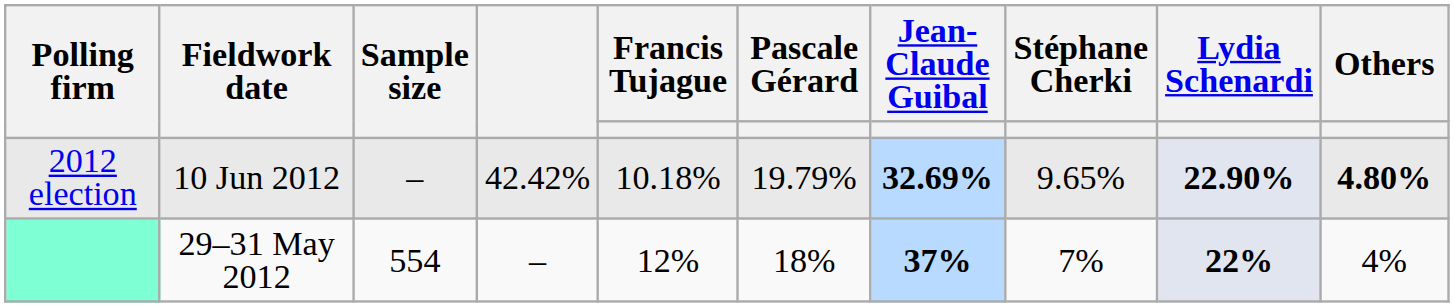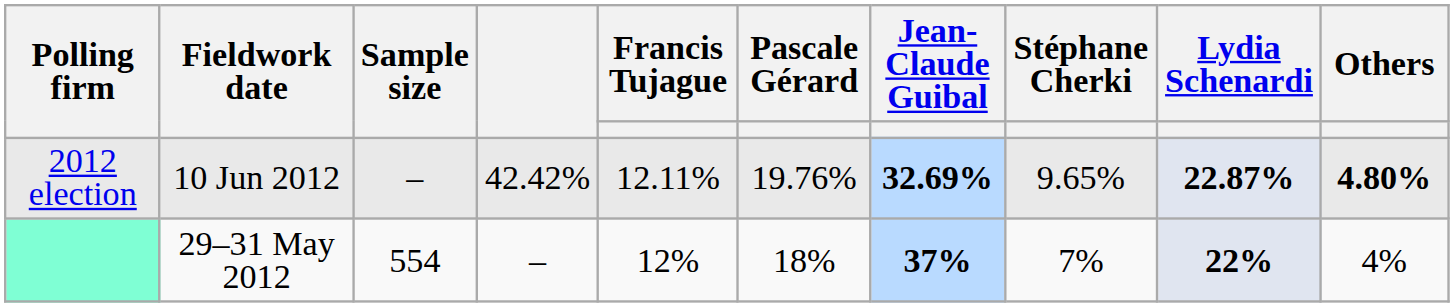 <table class="wikitable sortable" style="text-align:center;font-size:90%;line-height:14px;">
 <tr style="height:40px;">
 <th style="width:100px;" rowspan="2">Polling firm</th>
 <th style="width:110px;" rowspan="2">Fieldwork date</th>
 <th style="width:35px;" rowspan="2">Sample<br>size</th>
 <th style="width:30px;" rowspan="2"></th>
 <th class="unsortable" style="width:60px;">Francis Tujague<br></th>
 <th class="unsortable" style="width:60px;">Pascale Gérard<br></th>
 <th class="unsortable" style="width:60px;"><a href='#'>Jean-Claude Guibal</a><br></th>
 <th class="unsortable" style="width:60px;">Stéphane Cherki<br></th>
 <th class="unsortable" style="width:60px;"><a href='#'>Lydia Schenardi</a><br></th>
 <th class="unsortable" style="width:60px;">Others</th>
 </tr>
 <tr>
 <th style="background:"></th>
 <th style="background:"></th>
 <th style="background:"></th>
 <th style="background:"></th>
 <th style="background:"></th>
 <th style="background:"></th>
 </tr>
 <tr style="background:#E9E9E9;">
 <td><a href='#'>2012 election</a></td>
 <td data-sort-value="2012-06-10">10 Jun 2012</td>
 <td>–</td>
 <td>42.42%</td>
-<td>10.18%</td>
-<td>19.79%</td>
+<td>12.11%</td>
+<td>19.76%</td>
 <td style="background:#B9DAFF;"><strong>32.69%</strong></td>
 <td>9.65%</td>
-<td style="background:#E0E5F0;"><strong>22.90%</strong></td>
+<td style="background:#E0E5F0;"><strong>22.87%</strong></td>
 <td><strong>4.80%</strong></td>
 </tr>
 <tr>
 <td style="background:aquamarine;"></td>
 <td data-sort-value="2012-05-31">29–31 May 2012</td>
 <td>554</td>
 <td>–</td>
 <td>12%</td>
 <td>18%</td>
 <td style="background:#B9DAFF;"><strong>37%</strong></td>
 <td>7%</td>
 <td style="background:#E0E5F0;"><strong>22%</strong></td>
 <td>4%</td>
 </tr>
 </table>
